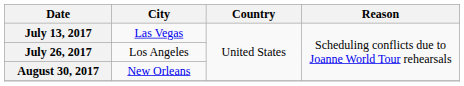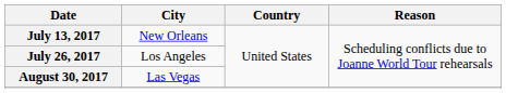 <table class="wikitable plainrowheaders" style="text-align:center;">
 <tr>
 <th scope="col" style="width:12em;">Date</th>
 <th scope="col" style="width:10em;">City</th>
 <th scope="col" style="width:10em;">Country</th>
 <th scope="col" style="width:18em;">Reason</th>
 </tr>
 <tr>
 <th scope="row" style="text-align:center">July 13, 2017</th>
-<td><a href='#'>Las Vegas</a></td>
+<td><a href='#'>New Orleans</a></td>
 <td rowspan="3">United States</td>
 <td rowspan="3">Scheduling conflicts due to <a href='#'>Joanne World Tour</a> rehearsals</td>
 </tr>
 <tr>
 <th scope="row" style="text-align:center">July 26, 2017</th>
 <td>Los Angeles</td>
 </tr>
 <tr>
 <th scope="row" style="text-align:center">August 30, 2017</th>
-<td><a href='#'>New Orleans</a></td>
+<td><a href='#'>Las Vegas</a></td>
 </tr>
 <tr>
 </tr>
 </table>
